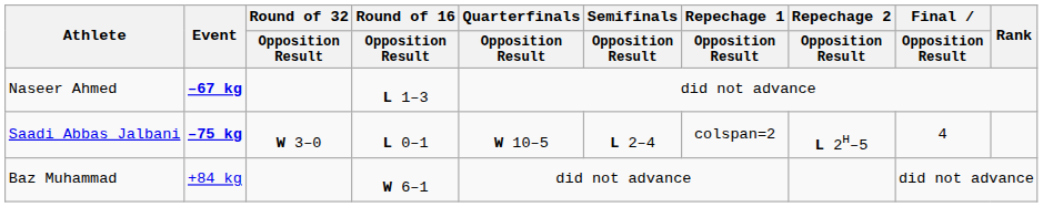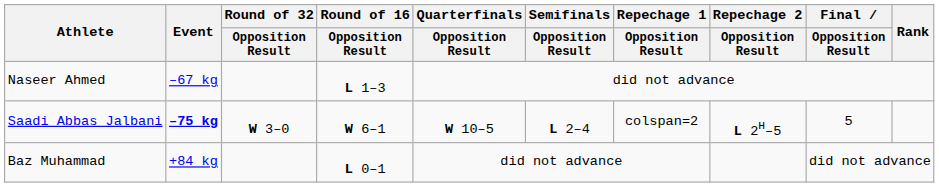 <table class=wikitable style="text-align:center; font-size:90%">
 <tr>
 <th rowspan=2>Athlete</th>
 <th rowspan=2>Event</th>
 <th>Round of 32</th>
 <th>Round of 16</th>
 <th>Quarterfinals</th>
 <th>Semifinals</th>
 <th>Repechage 1</th>
 <th>Repechage 2</th>
 <th>Final / </th>
 <th rowspan=2>Rank</th>
 </tr>
 <tr style="font-size:90%">
 <th>Opposition<br>Result</th>
 <th>Opposition<br>Result</th>
 <th>Opposition<br>Result</th>
 <th>Opposition<br>Result</th>
 <th>Opposition<br>Result</th>
 <th>Opposition<br>Result</th>
 <th>Opposition<br>Result</th>
 </tr>
 <tr>
 <td align=left>Naseer Ahmed</td>
-<td align=center><strong><a href='#'>–67 kg</a></strong></td>
+<td align=center><a href='#'>–67 kg</a></td>
 <td></td>
 <td><br><strong>L</strong> 1–3</td>
 <td colspan=6>did not advance</td>
 </tr>
 <tr>
 <td align=left><a href='#'>Saadi Abbas Jalbani</a></td>
 <td align=center><strong><a href='#'>–75 kg</a></strong></td>
 <td><br><strong>W</strong> 3–0</td>
-<td><br><strong>L</strong> 0–1</td>
+<td><br><strong>W</strong> 6–1</td>
 <td><br><strong>W</strong> 10–5</td>
 <td><br><strong>L</strong> 2–4</td>
 <td>colspan=2 </td>
 <td><br><strong>L</strong> 2<sup>H</sup>–5</td>
-<td>4</td>
+<td>5</td>
 </tr>
 <tr>
 <td align=left>Baz Muhammad</td>
 <td align=center><a href='#'>+84 kg</a></td>
 <td></td>
-<td><br><strong>W</strong> 6–1</td>
+<td><br><strong>L</strong> 0–1</td>
 <td colspan=3>did not advance</td>
 <td></td>
 <td colspan=2>did not advance</td>
 </tr>
 </table>
